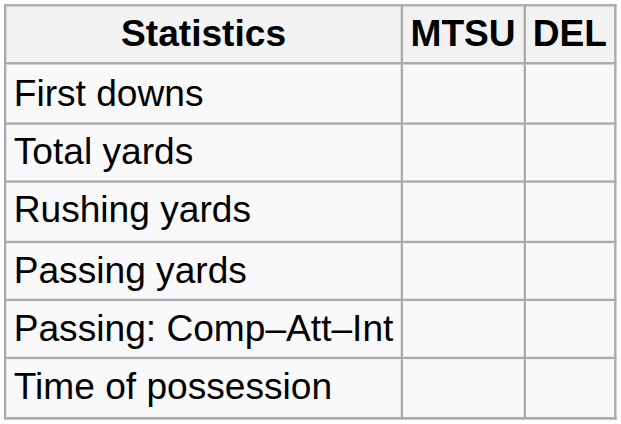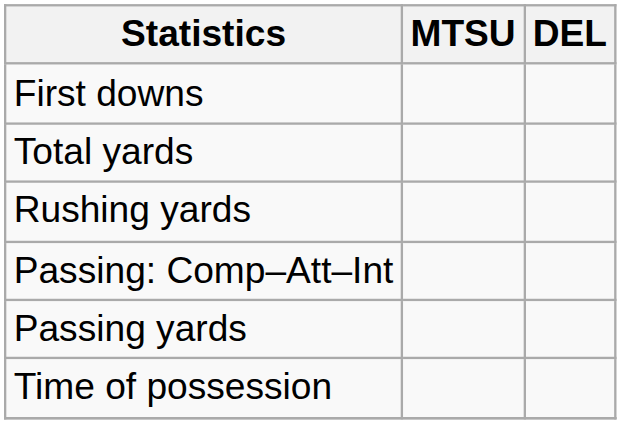 <table class="wikitable" style="float: left;">
 <tr>
 <th>Statistics</th>
 <th>MTSU</th>
 <th>DEL</th>
 </tr>
 <tr>
 <td>First downs</td>
 <td></td>
 <td></td>
 </tr>
 <tr>
 <td>Total yards</td>
 <td></td>
 <td></td>
 </tr>
 <tr>
 <td>Rushing yards</td>
 <td></td>
 <td></td>
 </tr>
 <tr>
-<td>Passing yards</td>
+<td>Passing: Comp–Att–Int</td>
 <td></td>
 <td></td>
 </tr>
 <tr>
-<td>Passing: Comp–Att–Int</td>
+<td>Passing yards</td>
 <td></td>
 <td></td>
 </tr>
 <tr>
 <td>Time of possession</td>
 <td></td>
 <td></td>
 </tr>
 <tr>
 </tr>
 </table>
